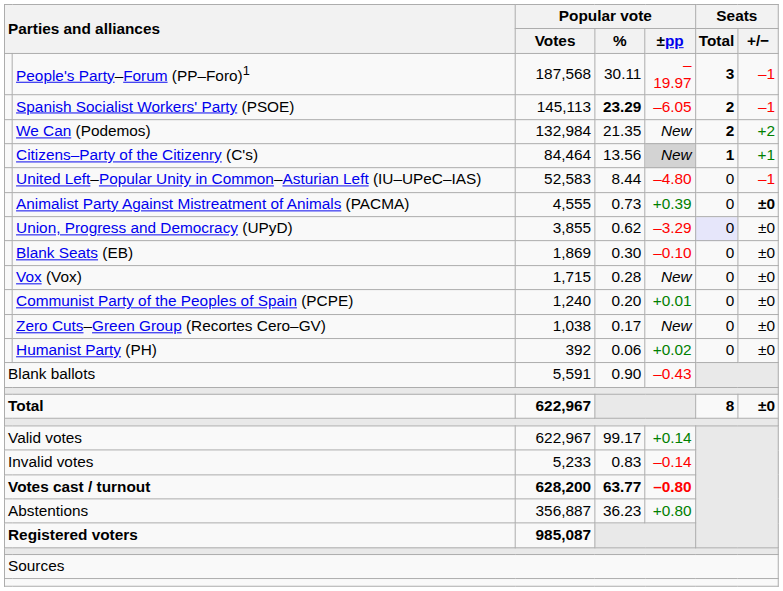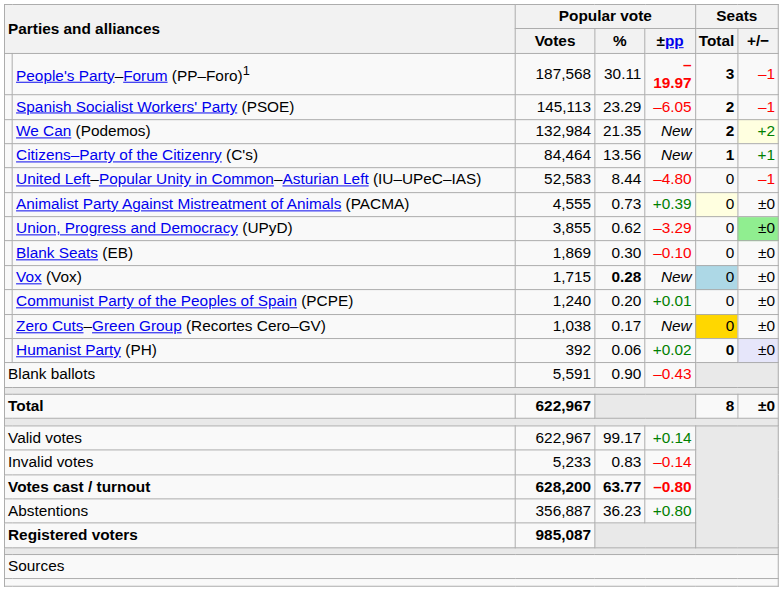 <table class="wikitable" style="text-align:right;">
 <tr>
 <th style="text-align:left;" rowspan="2" colspan="2" width="525">Parties and alliances</th>
 <th colspan="3">Popular vote</th>
 <th colspan="2">Seats</th>
 </tr>
 <tr>
 <th width="75">Votes</th>
 <th width="45">%</th>
 <th width="45">±<a href='#'>pp</a></th>
 <th width="35">Total</th>
 <th width="35">+/−</th>
 </tr>
 <tr>
 <td width="1" style="color:inherit;background:"></td>
 <td align="left"><a href='#'>People's Party</a>–<a href='#'>Forum</a> (PP–Foro)<sup>1</sup></td>
 <td>187,568</td>
 <td>30.11</td>
-<td style="color:red;">–19.97</td>
+<td style="color:red;"><strong>–19.97</strong></td>
 <td><strong>3</strong></td>
 <td style="color:red;">–1</td>
 </tr>
 <tr>
 <td style="color:inherit;background:"></td>
 <td align="left"><a href='#'>Spanish Socialist Workers' Party</a> (PSOE)</td>
 <td>145,113</td>
-<td><strong>23.29</strong></td>
+<td>23.29</td>
 <td style="color:red;">–6.05</td>
 <td><strong>2</strong></td>
 <td style="color:red;">–1</td>
 </tr>
 <tr>
 <td style="color:inherit;background:"></td>
 <td align="left"><a href='#'>We Can</a> (Podemos)</td>
 <td>132,984</td>
 <td>21.35</td>
 <td><em>New</em></td>
 <td><strong>2</strong></td>
-<td style="color:green;">+2</td>
+<td style="background: lightyellow; color:green;">+2</td>
 </tr>
 <tr>
 <td style="color:inherit;background:"></td>
 <td align="left"><a href='#'>Citizens–Party of the Citizenry</a> (C's)</td>
 <td>84,464</td>
 <td>13.56</td>
-<td style="background: lightgrey;"><em>New</em></td>
+<td><em>New</em></td>
 <td><strong>1</strong></td>
 <td style="color:green;">+1</td>
 </tr>
 <tr>
 <td style="color:inherit;background:"></td>
 <td align="left"><a href='#'>United Left</a>–<a href='#'>Popular Unity in Common</a>–<a href='#'>Asturian Left</a> (IU–UPeC–IAS)</td>
 <td>52,583</td>
 <td>8.44</td>
 <td style="color:red;">–4.80</td>
 <td>0</td>
 <td style="color:red;">–1</td>
 </tr>
 <tr>
 <td style="color:inherit;background:"></td>
 <td align="left"><a href='#'>Animalist Party Against Mistreatment of Animals</a> (PACMA)</td>
 <td>4,555</td>
 <td>0.73</td>
 <td style="color:green;">+0.39</td>
-<td>0</td>
-<td><strong>±0</strong></td>
+<td style="background: lightyellow;">0</td>
+<td>±0</td>
 </tr>
 <tr>
 <td style="color:inherit;background:"></td>
 <td align="left"><a href='#'>Union, Progress and Democracy</a> (UPyD)</td>
 <td>3,855</td>
 <td>0.62</td>
 <td style="color:red;">–3.29</td>
-<td style="background: lavender;">0</td>
-<td>±0</td>
+<td>0</td>
+<td style="background: lightgreen;">±0</td>
 </tr>
 <tr>
 <td style="color:inherit;background:"></td>
 <td align="left"><a href='#'>Blank Seats</a> (EB)</td>
 <td>1,869</td>
 <td>0.30</td>
 <td style="color:red;">–0.10</td>
 <td>0</td>
 <td>±0</td>
 </tr>
 <tr>
 <td style="color:inherit;background:"></td>
 <td align="left"><a href='#'>Vox</a> (Vox)</td>
 <td>1,715</td>
-<td>0.28</td>
+<td><strong>0.28</strong></td>
 <td><em>New</em></td>
-<td>0</td>
+<td style="background: lightblue;">0</td>
 <td>±0</td>
 </tr>
 <tr>
 <td style="color:inherit;background:"></td>
 <td align="left"><a href='#'>Communist Party of the Peoples of Spain</a> (PCPE)</td>
 <td>1,240</td>
 <td>0.20</td>
 <td style="color:green;">+0.01</td>
 <td>0</td>
 <td>±0</td>
 </tr>
 <tr>
 <td style="color:inherit;background:"></td>
 <td align="left"><a href='#'>Zero Cuts</a>–<a href='#'>Green Group</a> (Recortes Cero–GV)</td>
 <td>1,038</td>
 <td>0.17</td>
 <td><em>New</em></td>
-<td>0</td>
+<td style="background: gold;">0</td>
 <td>±0</td>
 </tr>
 <tr>
 <td style="color:inherit;background:"></td>
 <td align="left"><a href='#'>Humanist Party</a> (PH)</td>
 <td>392</td>
 <td>0.06</td>
 <td style="color:green;">+0.02</td>
-<td>0</td>
-<td>±0</td>
+<td><strong>0</strong></td>
+<td style="background: lavender;">±0</td>
 </tr>
 <tr>
 <td align="left" colspan="2">Blank ballots</td>
 <td>5,591</td>
 <td>0.90</td>
 <td style="color:red;">–0.43</td>
 <td bgcolor="#E9E9E9" colspan="2"></td>
 </tr>
 <tr>
 <td colspan="7" bgcolor="#E9E9E9"></td>
 </tr>
 <tr style="font-weight:bold;">
 <td align="left" colspan="2">Total</td>
 <td>622,967</td>
 <td bgcolor="#E9E9E9" colspan="2"></td>
 <td>8</td>
 <td>±0</td>
 </tr>
 <tr>
 <td colspan="7" bgcolor="#E9E9E9"></td>
 </tr>
 <tr>
 <td align="left" colspan="2">Valid votes</td>
 <td>622,967</td>
 <td>99.17</td>
 <td style="color:green;">+0.14</td>
 <td bgcolor="#E9E9E9" colspan="2" rowspan="5"></td>
 </tr>
 <tr>
 <td align="left" colspan="2">Invalid votes</td>
 <td>5,233</td>
 <td>0.83</td>
 <td style="color:red;">–0.14</td>
 </tr>
 <tr style="font-weight:bold;">
 <td align="left" colspan="2">Votes cast / turnout</td>
 <td>628,200</td>
 <td>63.77</td>
 <td style="color:red;">–0.80</td>
 </tr>
 <tr>
 <td align="left" colspan="2">Abstentions</td>
 <td>356,887</td>
 <td>36.23</td>
 <td style="color:green;">+0.80</td>
 </tr>
 <tr style="font-weight:bold;">
 <td align="left" colspan="2">Registered voters</td>
 <td>985,087</td>
 <td bgcolor="#E9E9E9" colspan="2"></td>
 </tr>
 <tr>
 <td colspan="7" bgcolor="#E9E9E9"></td>
 </tr>
 <tr>
 <td align="left" colspan="7">Sources</td>
 </tr>
 <tr>
 <td colspan="7" style="text-align:left; max-width:790px;"></td>
 </tr>
 </table>
